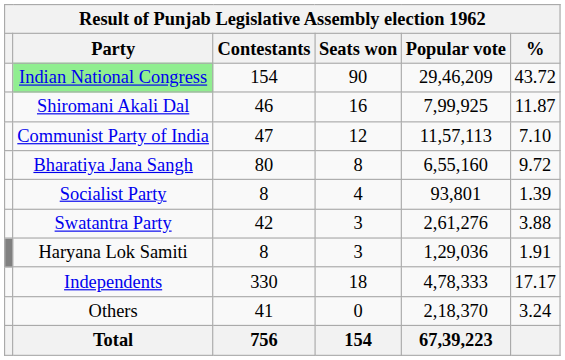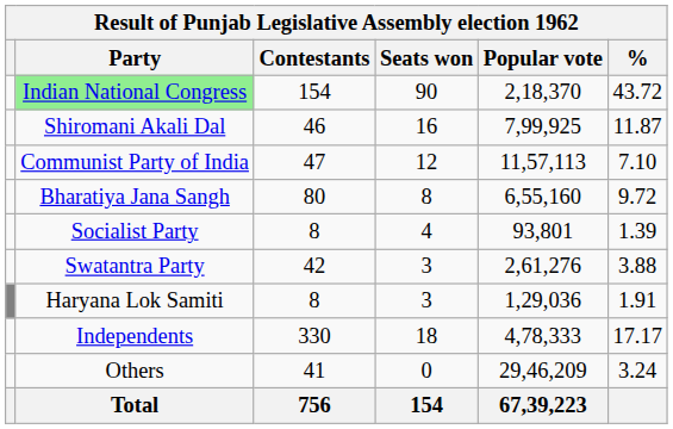 <table class="wikitable" style="text-align:center">
 <tr>
 <th colspan=7>Result of Punjab Legislative Assembly election 1962</th>
 </tr>
 <tr>
 <th></th>
 <th>Party</th>
 <th>Contestants</th>
 <th>Seats won</th>
 <th>Popular vote</th>
 <th>%</th>
 </tr>
 <tr>
 <td></td>
 <td style="background:#90EE90;"><a href='#'>Indian National Congress</a></td>
 <td>154</td>
 <td>90</td>
-<td>29,46,209</td>
+<td>2,18,370</td>
 <td>43.72</td>
 </tr>
 <tr>
 <td></td>
 <td><a href='#'>Shiromani Akali Dal</a></td>
 <td>46</td>
 <td>16</td>
 <td>7,99,925</td>
 <td>11.87</td>
 </tr>
 <tr>
 <td></td>
 <td><a href='#'>Communist Party of India</a></td>
 <td>47</td>
 <td>12</td>
 <td>11,57,113</td>
 <td>7.10</td>
 </tr>
 <tr>
 <td></td>
 <td><a href='#'>Bharatiya Jana Sangh</a></td>
 <td>80</td>
 <td>8</td>
 <td>6,55,160</td>
 <td>9.72</td>
 </tr>
 <tr>
 <td></td>
 <td><a href='#'>Socialist Party</a></td>
 <td>8</td>
 <td>4</td>
 <td>93,801</td>
 <td>1.39</td>
 </tr>
 <tr>
 <td></td>
 <td><a href='#'>Swatantra Party</a></td>
 <td>42</td>
 <td>3</td>
 <td>2,61,276</td>
 <td>3.88</td>
 </tr>
 <tr>
 <td bgcolor="gray"></td>
 <td>Haryana Lok Samiti</td>
 <td>8</td>
 <td>3</td>
 <td>1,29,036</td>
 <td>1.91</td>
 </tr>
 <tr>
 <td></td>
 <td><a href='#'>Independents</a></td>
 <td>330</td>
 <td>18</td>
 <td>4,78,333</td>
 <td>17.17</td>
 </tr>
 <tr>
 <td></td>
 <td>Others</td>
 <td>41</td>
 <td>0</td>
-<td>2,18,370</td>
+<td>29,46,209</td>
 <td>3.24</td>
 </tr>
 <tr>
 <th></th>
 <th>Total</th>
 <th>756</th>
 <th>154</th>
 <th>67,39,223</th>
 <th></th>
 </tr>
 </table>
